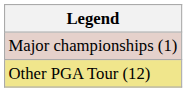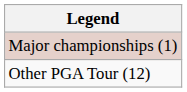 <table class="wikitable" style="font-size:95%;">
 <tr>
 <th>Legend</th>
 </tr>
 <tr style="background:#e5d1cb;">
 <td>Major championships (1)</td>
 </tr>
 <tr>
-<td style="background: khaki;">Other PGA Tour (12)</td>
+<td>Other PGA Tour (12)</td>
 </tr>
 </table>
